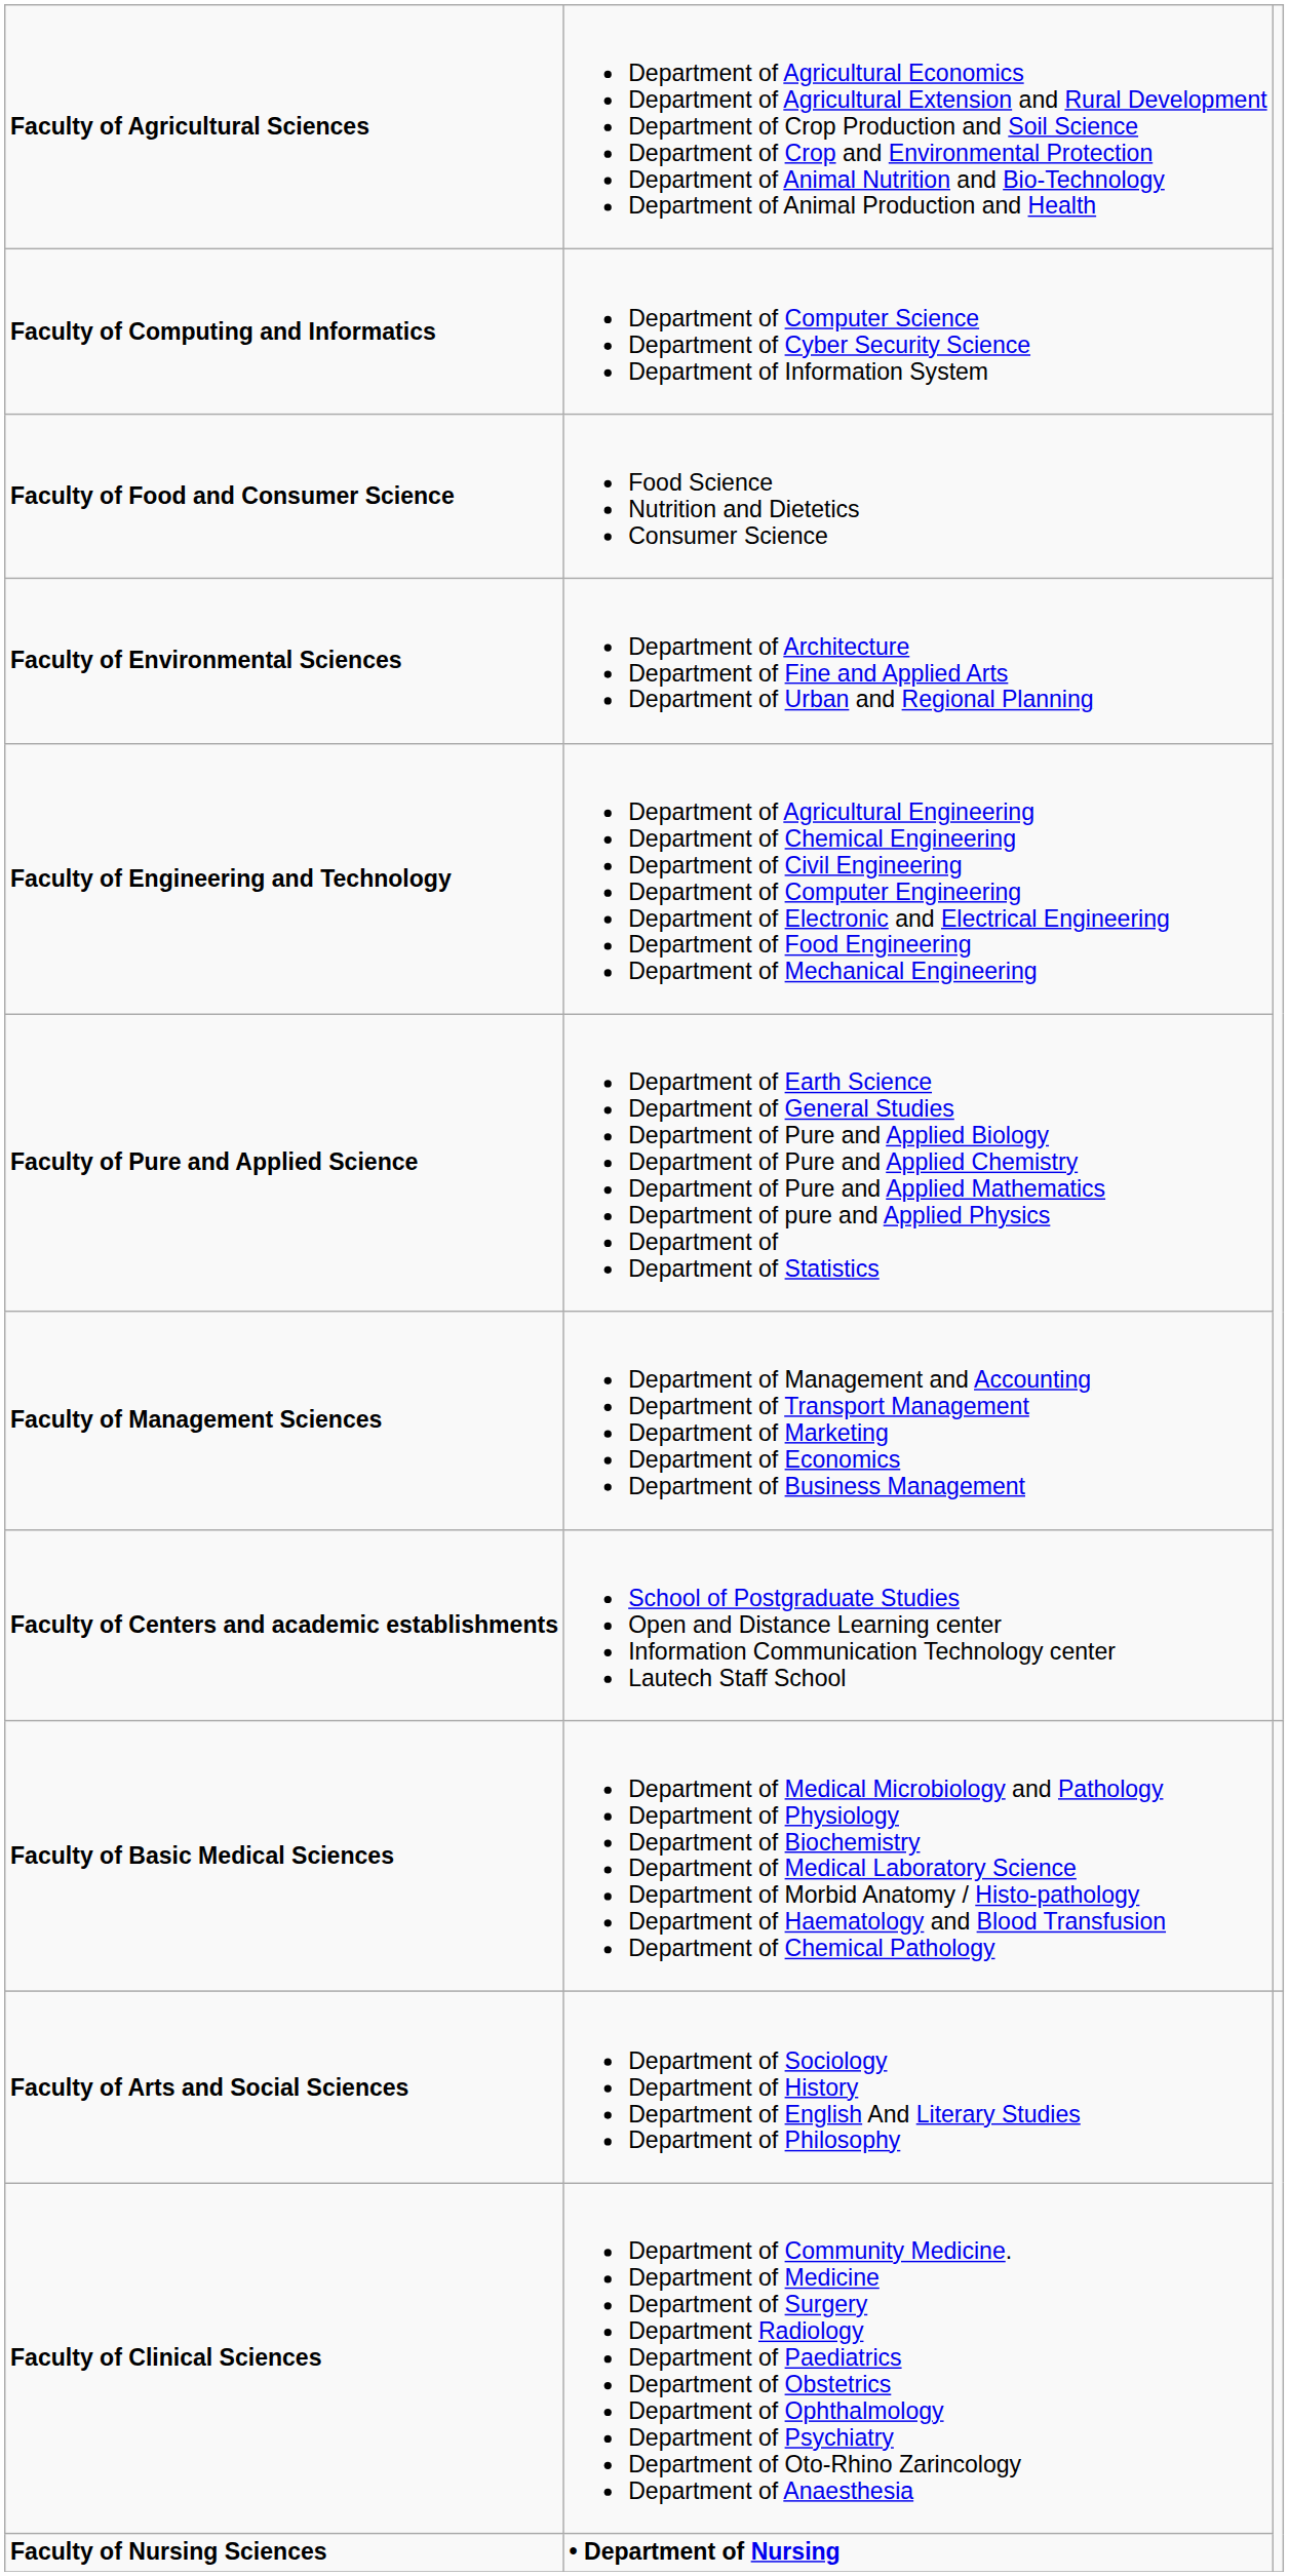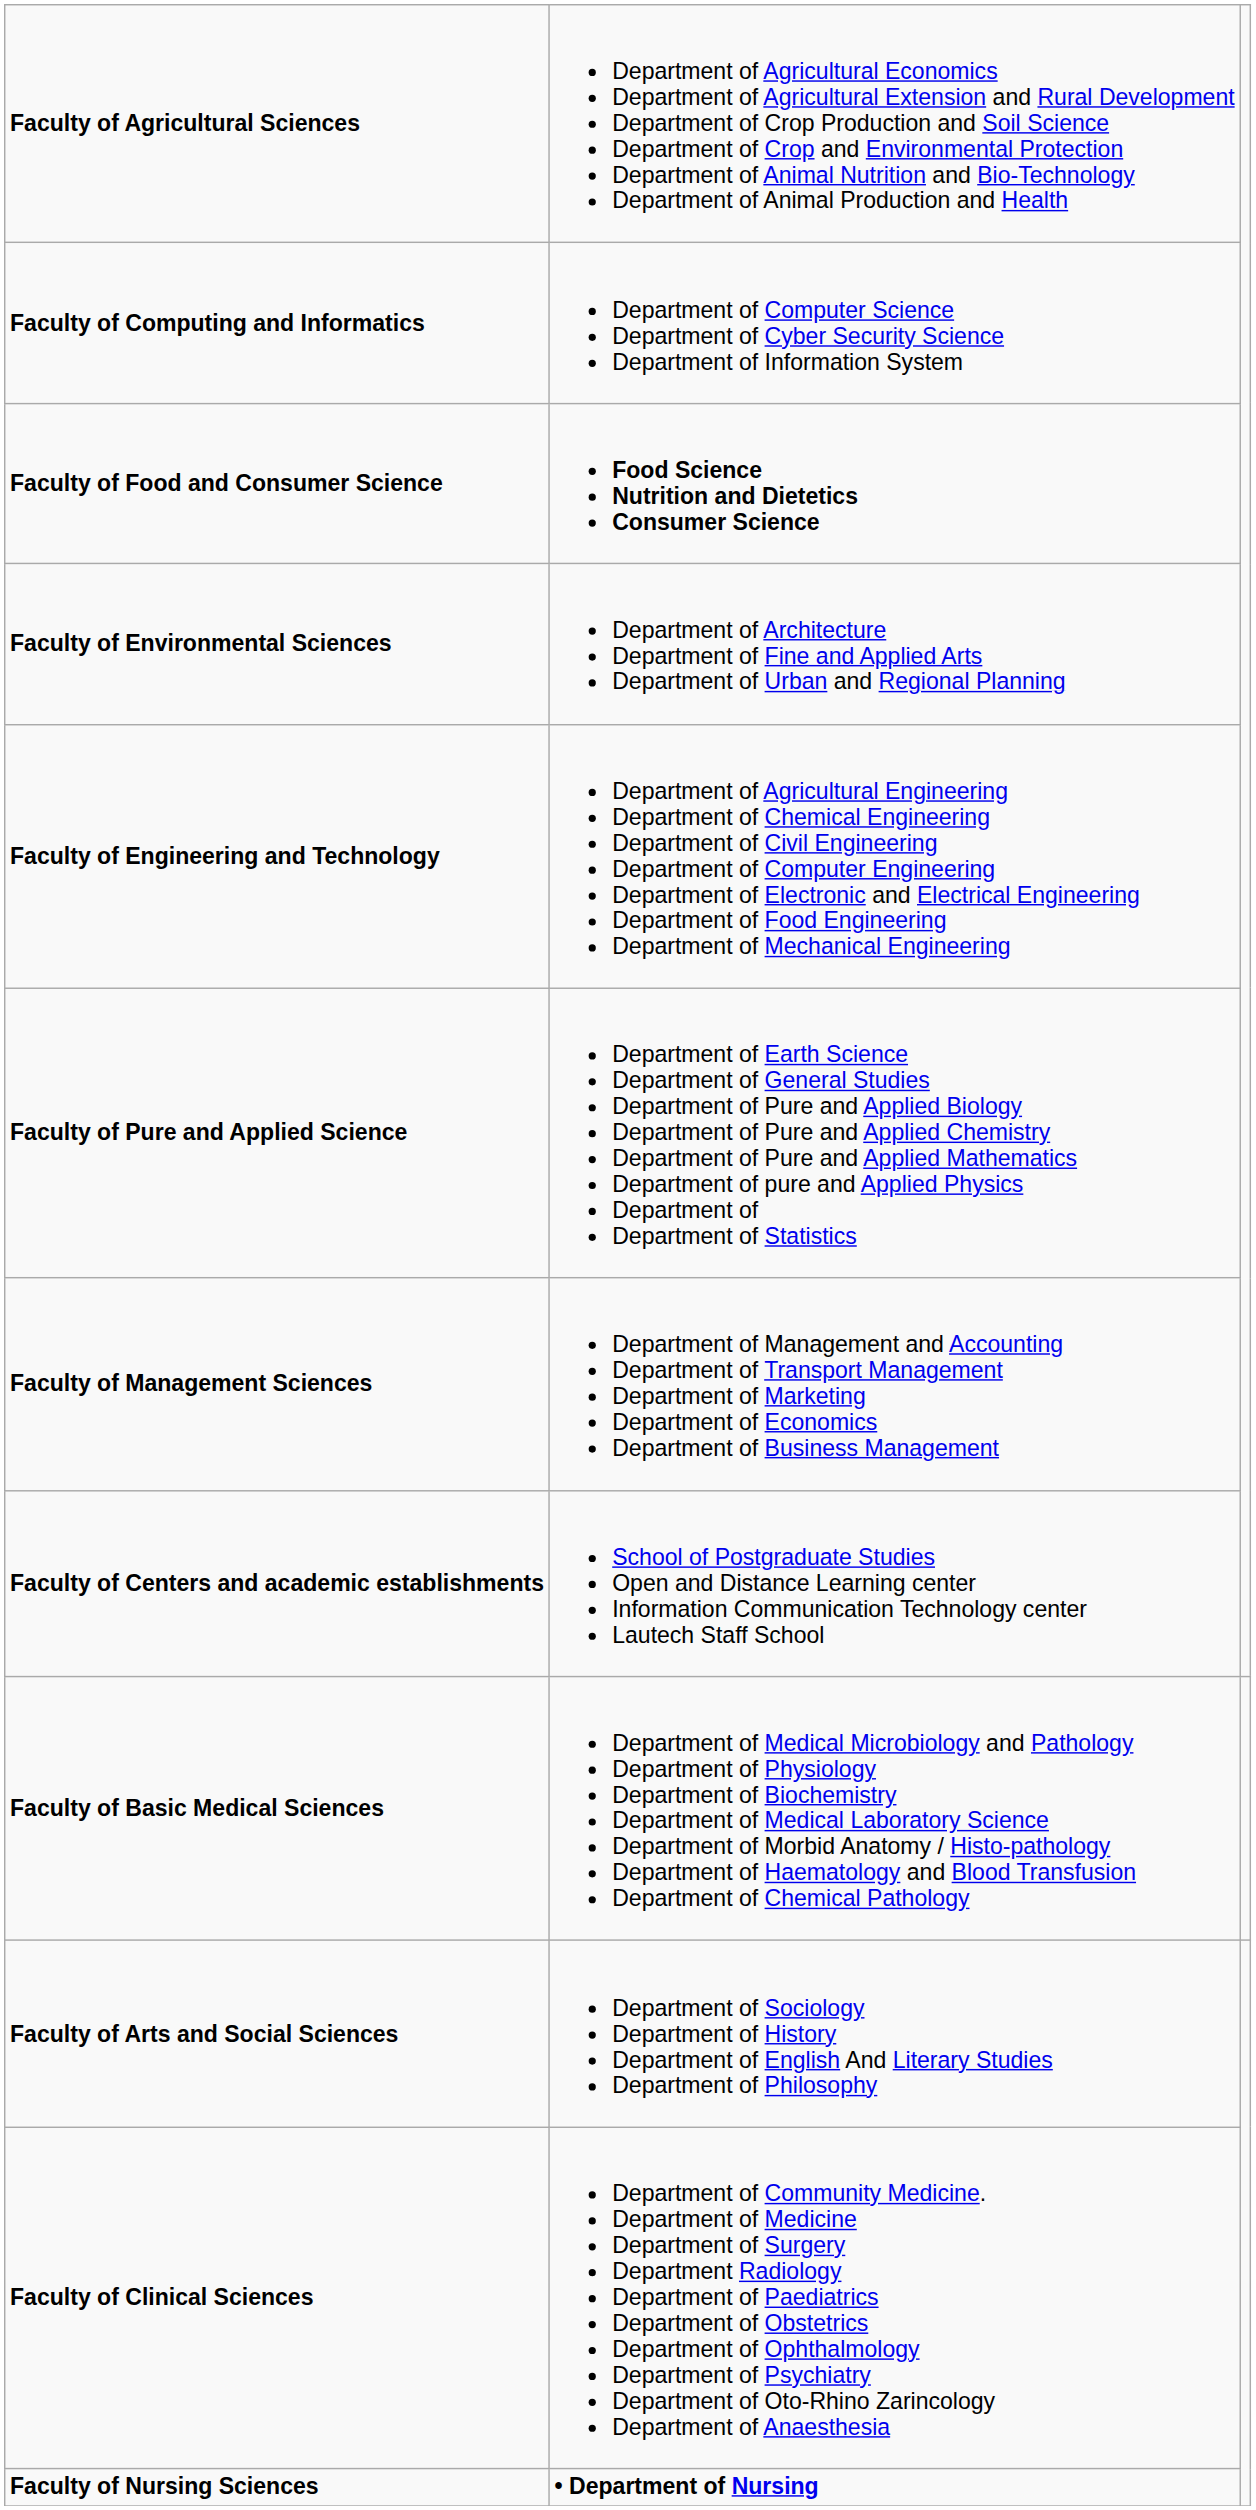 <table class="wikitable">
 <tr>
 <td><strong>Faculty of Agricultural Sciences</strong></td>
 <td><br><ul><li>Department of <a href='#'>Agricultural Economics</a></li><li>Department of <a href='#'>Agricultural Extension</a> and <a href='#'>Rural Development</a></li><li>Department of Crop Production and <a href='#'>Soil Science</a></li><li>Department of <a href='#'>Crop</a> and <a href='#'>Environmental Protection</a></li><li>Department of <a href='#'>Animal Nutrition</a> and <a href='#'>Bio-Technology</a></li><li>Department of Animal Production and <a href='#'>Health</a></li></ul></td>
 </tr>
 <tr>
 <td><strong>Faculty of Computing and Informatics</strong></td>
 <td><br><ul><li>Department of <a href='#'>Computer Science</a></li><li>Department of <a href='#'>Cyber Security Science</a></li><li>Department of Information System</li></ul></td>
 </tr>
 <tr>
 <td><strong> Faculty of Food and Consumer Science </strong></td>
-<td><br><ul><li>Food Science</li><li>Nutrition and Dietetics</li><li>Consumer Science</li></ul></td>
+<td><strong><br><ul><li>Food Science</li><li>Nutrition and Dietetics</li><li>Consumer Science</li></ul></strong></td>
 </tr>
 <tr>
 <td><strong>Faculty of Environmental Sciences</strong></td>
 <td><br><ul><li>Department of <a href='#'>Architecture</a></li><li>Department of <a href='#'>Fine and Applied Arts</a></li><li>Department of <a href='#'>Urban</a> and <a href='#'>Regional Planning</a></li></ul></td>
 </tr>
 <tr>
 <td><strong>Faculty of Engineering and Technology</strong></td>
 <td><br><ul><li>Department of <a href='#'>Agricultural Engineering</a></li><li>Department of <a href='#'>Chemical Engineering</a></li><li>Department of <a href='#'>Civil Engineering</a></li><li>Department of <a href='#'>Computer Engineering</a></li><li>Department of <a href='#'>Electronic</a> and <a href='#'>Electrical Engineering</a></li><li>Department of <a href='#'>Food Engineering</a></li><li>Department of <a href='#'>Mechanical Engineering</a></li></ul></td>
 </tr>
 <tr>
 <td><strong>Faculty of Pure and Applied Science</strong></td>
 <td><br><ul><li>Department of <a href='#'>Earth Science</a></li><li>Department of <a href='#'>General Studies</a></li><li>Department of Pure and <a href='#'>Applied Biology</a></li><li>Department of Pure and <a href='#'>Applied Chemistry</a></li><li>Department of Pure and <a href='#'>Applied Mathematics</a></li><li>Department of pure and <a href='#'>Applied Physics</a></li><li>Department of  </li><li>Department of <a href='#'>Statistics</a></li></ul></td>
 </tr>
 <tr>
 <td><strong>Faculty of Management Sciences</strong></td>
 <td><br><ul><li>Department of Management and <a href='#'>Accounting</a></li><li>Department of <a href='#'>Transport Management</a></li><li>Department of <a href='#'>Marketing</a></li><li>Department of <a href='#'>Economics</a></li><li>Department of <a href='#'>Business Management</a></li></ul></td>
 </tr>
 <tr>
 <td><strong>Faculty of Centers and academic establishments</strong></td>
 <td><br><ul><li><a href='#'>School of Postgraduate Studies</a></li><li>Open and Distance Learning center</li><li>Information Communication Technology center</li><li>Lautech Staff School</li></ul></td>
 </tr>
 <tr>
 <td><strong>Faculty of Basic Medical Sciences</strong></td>
 <td><br><ul><li>Department of <a href='#'>Medical Microbiology</a> and <a href='#'>Pathology</a></li><li>Department of <a href='#'>Physiology</a></li><li>Department of <a href='#'>Biochemistry</a></li><li>Department of <a href='#'>Medical Laboratory Science</a></li><li>Department of Morbid Anatomy / <a href='#'>Histo-pathology</a></li><li>Department of <a href='#'>Haematology</a> and <a href='#'>Blood Transfusion</a></li><li>Department of <a href='#'>Chemical Pathology</a></li></ul></td>
 <td></td>
 </tr>
 <tr>
 <td><strong>Faculty of Arts and Social Sciences</strong></td>
 <td><br><ul><li>Department of <a href='#'>Sociology</a></li><li>Department of <a href='#'>History</a></li><li>Department of <a href='#'>English</a> And <a href='#'>Literary Studies</a></li><li>Department of <a href='#'>Philosophy</a></li></ul></td>
 </tr>
 <tr>
 <td><strong>Faculty of Clinical Sciences</strong></td>
 <td><br><ul><li>Department of <a href='#'>Community Medicine</a>.</li><li>Department of <a href='#'>Medicine</a></li><li>Department of <a href='#'>Surgery</a></li><li>Department <a href='#'>Radiology</a></li><li>Department of <a href='#'>Paediatrics</a></li><li>Department of <a href='#'>Obstetrics</a></li><li>Department of <a href='#'>Ophthalmology</a></li><li>Department of <a href='#'>Psychiatry</a></li><li>Department of Oto-Rhino Zarincology</li><li>Department of <a href='#'>Anaesthesia</a></li></ul></td>
 </tr>
 <tr>
 <td><strong>Faculty of Nursing Sciences</strong></td>
 <td><strong>• Department of <a href='#'>Nursing</a></strong></td>
 </tr>
 </table>
